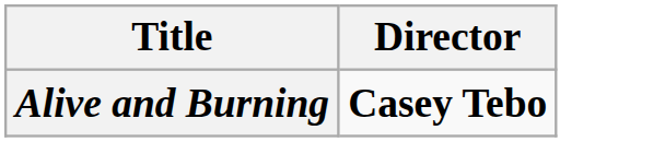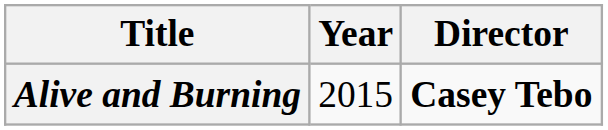 <table class="wikitable plainrowheaders">
 <tr>
 <th>Title</th>
+<th>Year</th>
 <th>Director</th>
 </tr>
 <tr>
 <th scope="row"><em>Alive and Burning</em></th>
+<td>2015</td>
 <td><strong>Casey Tebo</strong></td>
 </tr>
 </table>
